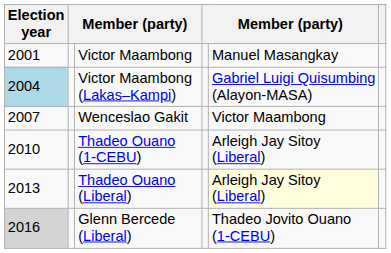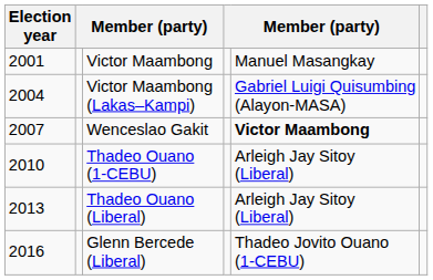 <table class=wikitable>
 <tr>
 <th width=60px>Election<br>year</th>
 <th colspan=2 width=140px>Member (party)</th>
 <th colspan=2 width=140px>Member (party)</th>
 <th !></th>
 </tr>
 <tr>
 <td>2001</td>
 <td></td>
 <td>Victor Maambong</td>
 <td></td>
 <td>Manuel Masangkay</td>
 <td></td>
 </tr>
 <tr>
-<td style="background: lightblue;">2004</td>
+<td>2004</td>
 <td bgcolor=></td>
 <td>Victor Maambong<br>(<a href='#'>Lakas–Kampi</a>)</td>
 <td></td>
 <td><a href='#'>Gabriel Luigi Quisumbing</a><br>(Alayon-MASA)</td>
 <td></td>
 </tr>
 <tr>
 <td>2007</td>
 <td></td>
 <td>Wenceslao Gakit</td>
 <td></td>
-<td>Victor Maambong</td>
+<td><strong>Victor Maambong</strong></td>
 <td></td>
 </tr>
 <tr>
 <td>2010</td>
 <td bgcolor=></td>
 <td><a href='#'>Thadeo Ouano</a><br>(<a href='#'>1-CEBU</a>)</td>
 <td bgcolor=></td>
 <td>Arleigh Jay Sitoy<br>(<a href='#'>Liberal</a>)</td>
 <td></td>
 </tr>
 <tr>
 <td>2013</td>
 <td bgcolor=></td>
 <td><a href='#'>Thadeo Ouano</a><br>(<a href='#'>Liberal</a>)</td>
 <td bgcolor=></td>
-<td style="background: lightyellow;">Arleigh Jay Sitoy<br>(<a href='#'>Liberal</a>)</td>
+<td>Arleigh Jay Sitoy<br>(<a href='#'>Liberal</a>)</td>
 <td></td>
 </tr>
 <tr>
-<td style="background: lightgrey;">2016</td>
+<td>2016</td>
 <td bgcolor=></td>
 <td>Glenn Bercede<br>(<a href='#'>Liberal</a>)</td>
 <td bgcolor=></td>
 <td>Thadeo Jovito Ouano<br>(<a href='#'>1-CEBU</a>)</td>
 <td></td>
 </tr>
 </table>
